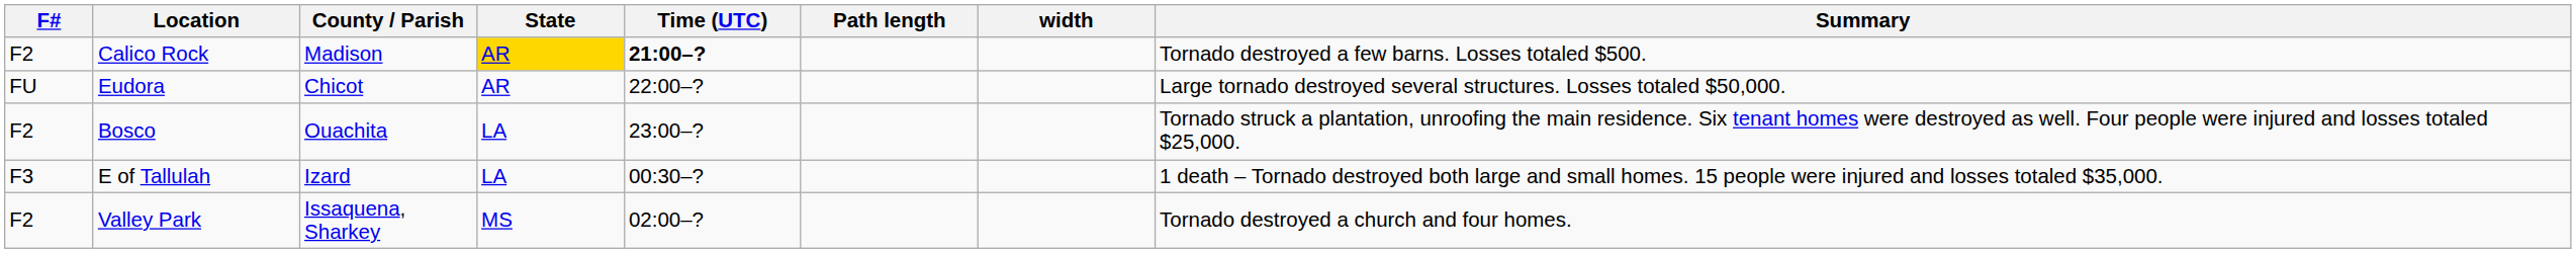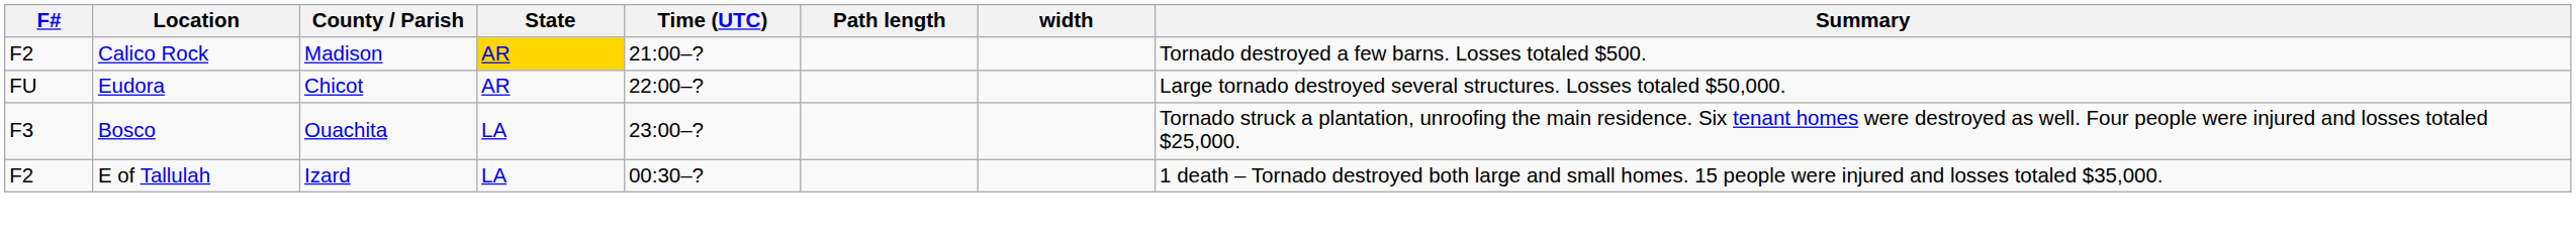 <table class="wikitable sortable" style="width:100%;">
 <tr>
 <th scope="col"  style="width:3%; text-align:center;"><a href='#'>F#</a></th>
 <th scope="col"  style="width:7%; text-align:center;" class="unsortable">Location</th>
 <th scope="col"  style="width:6%; text-align:center;" class="unsortable">County / Parish</th>
 <th scope="col"  style="width:5%; text-align:center;">State</th>
 <th scope="col"  style="width:6%; text-align:center;">Time (<a href='#'>UTC</a>)</th>
 <th scope="col"  style="width:6%; text-align:center;">Path length</th>
 <th scope="col"  style="width:6%; text-align:center;"> width</th>
 <th scope="col" class="unsortable" style="width:48%; text-align:center;">Summary</th>
 </tr>
 <tr>
 <td>F2</td>
 <td><a href='#'>Calico Rock</a></td>
 <td><a href='#'>Madison</a></td>
 <td style="background: gold;"><a href='#'>AR</a></td>
-<td><strong>21:00–?</strong></td>
+<td>21:00–?</td>
 <td></td>
 <td></td>
 <td>Tornado destroyed a few barns. Losses totaled $500.</td>
 </tr>
 <tr>
 <td>FU</td>
 <td><a href='#'>Eudora</a></td>
 <td><a href='#'>Chicot</a></td>
 <td><a href='#'>AR</a></td>
 <td>22:00–?</td>
 <td></td>
 <td></td>
 <td>Large tornado destroyed several structures. Losses totaled $50,000.</td>
 </tr>
 <tr>
-<td>F2</td>
+<td>F3</td>
 <td><a href='#'>Bosco</a></td>
 <td><a href='#'>Ouachita</a></td>
 <td><a href='#'>LA</a></td>
 <td>23:00–?</td>
 <td></td>
 <td></td>
 <td>Tornado struck a plantation, unroofing the main residence. Six <a href='#'>tenant homes</a> were destroyed as well. Four people were injured and losses totaled $25,000.</td>
 </tr>
 <tr>
-<td>F3</td>
+<td>F2</td>
 <td>E of <a href='#'>Tallulah</a></td>
 <td><a href='#'>Izard</a></td>
 <td><a href='#'>LA</a></td>
 <td>00:30–?</td>
 <td></td>
 <td></td>
 <td>1 death – Tornado destroyed both large and small homes. 15 people were injured and losses totaled $35,000.</td>
 </tr>
-<tr>
-<td>F2</td>
-<td><a href='#'>Valley Park</a></td>
-<td><a href='#'>Issaquena</a>, <a href='#'>Sharkey</a></td>
-<td><a href='#'>MS</a></td>
-<td>02:00–?</td>
-<td></td>
-<td></td>
-<td>Tornado destroyed a church and four homes.</td>
-</tr>
 </table>
